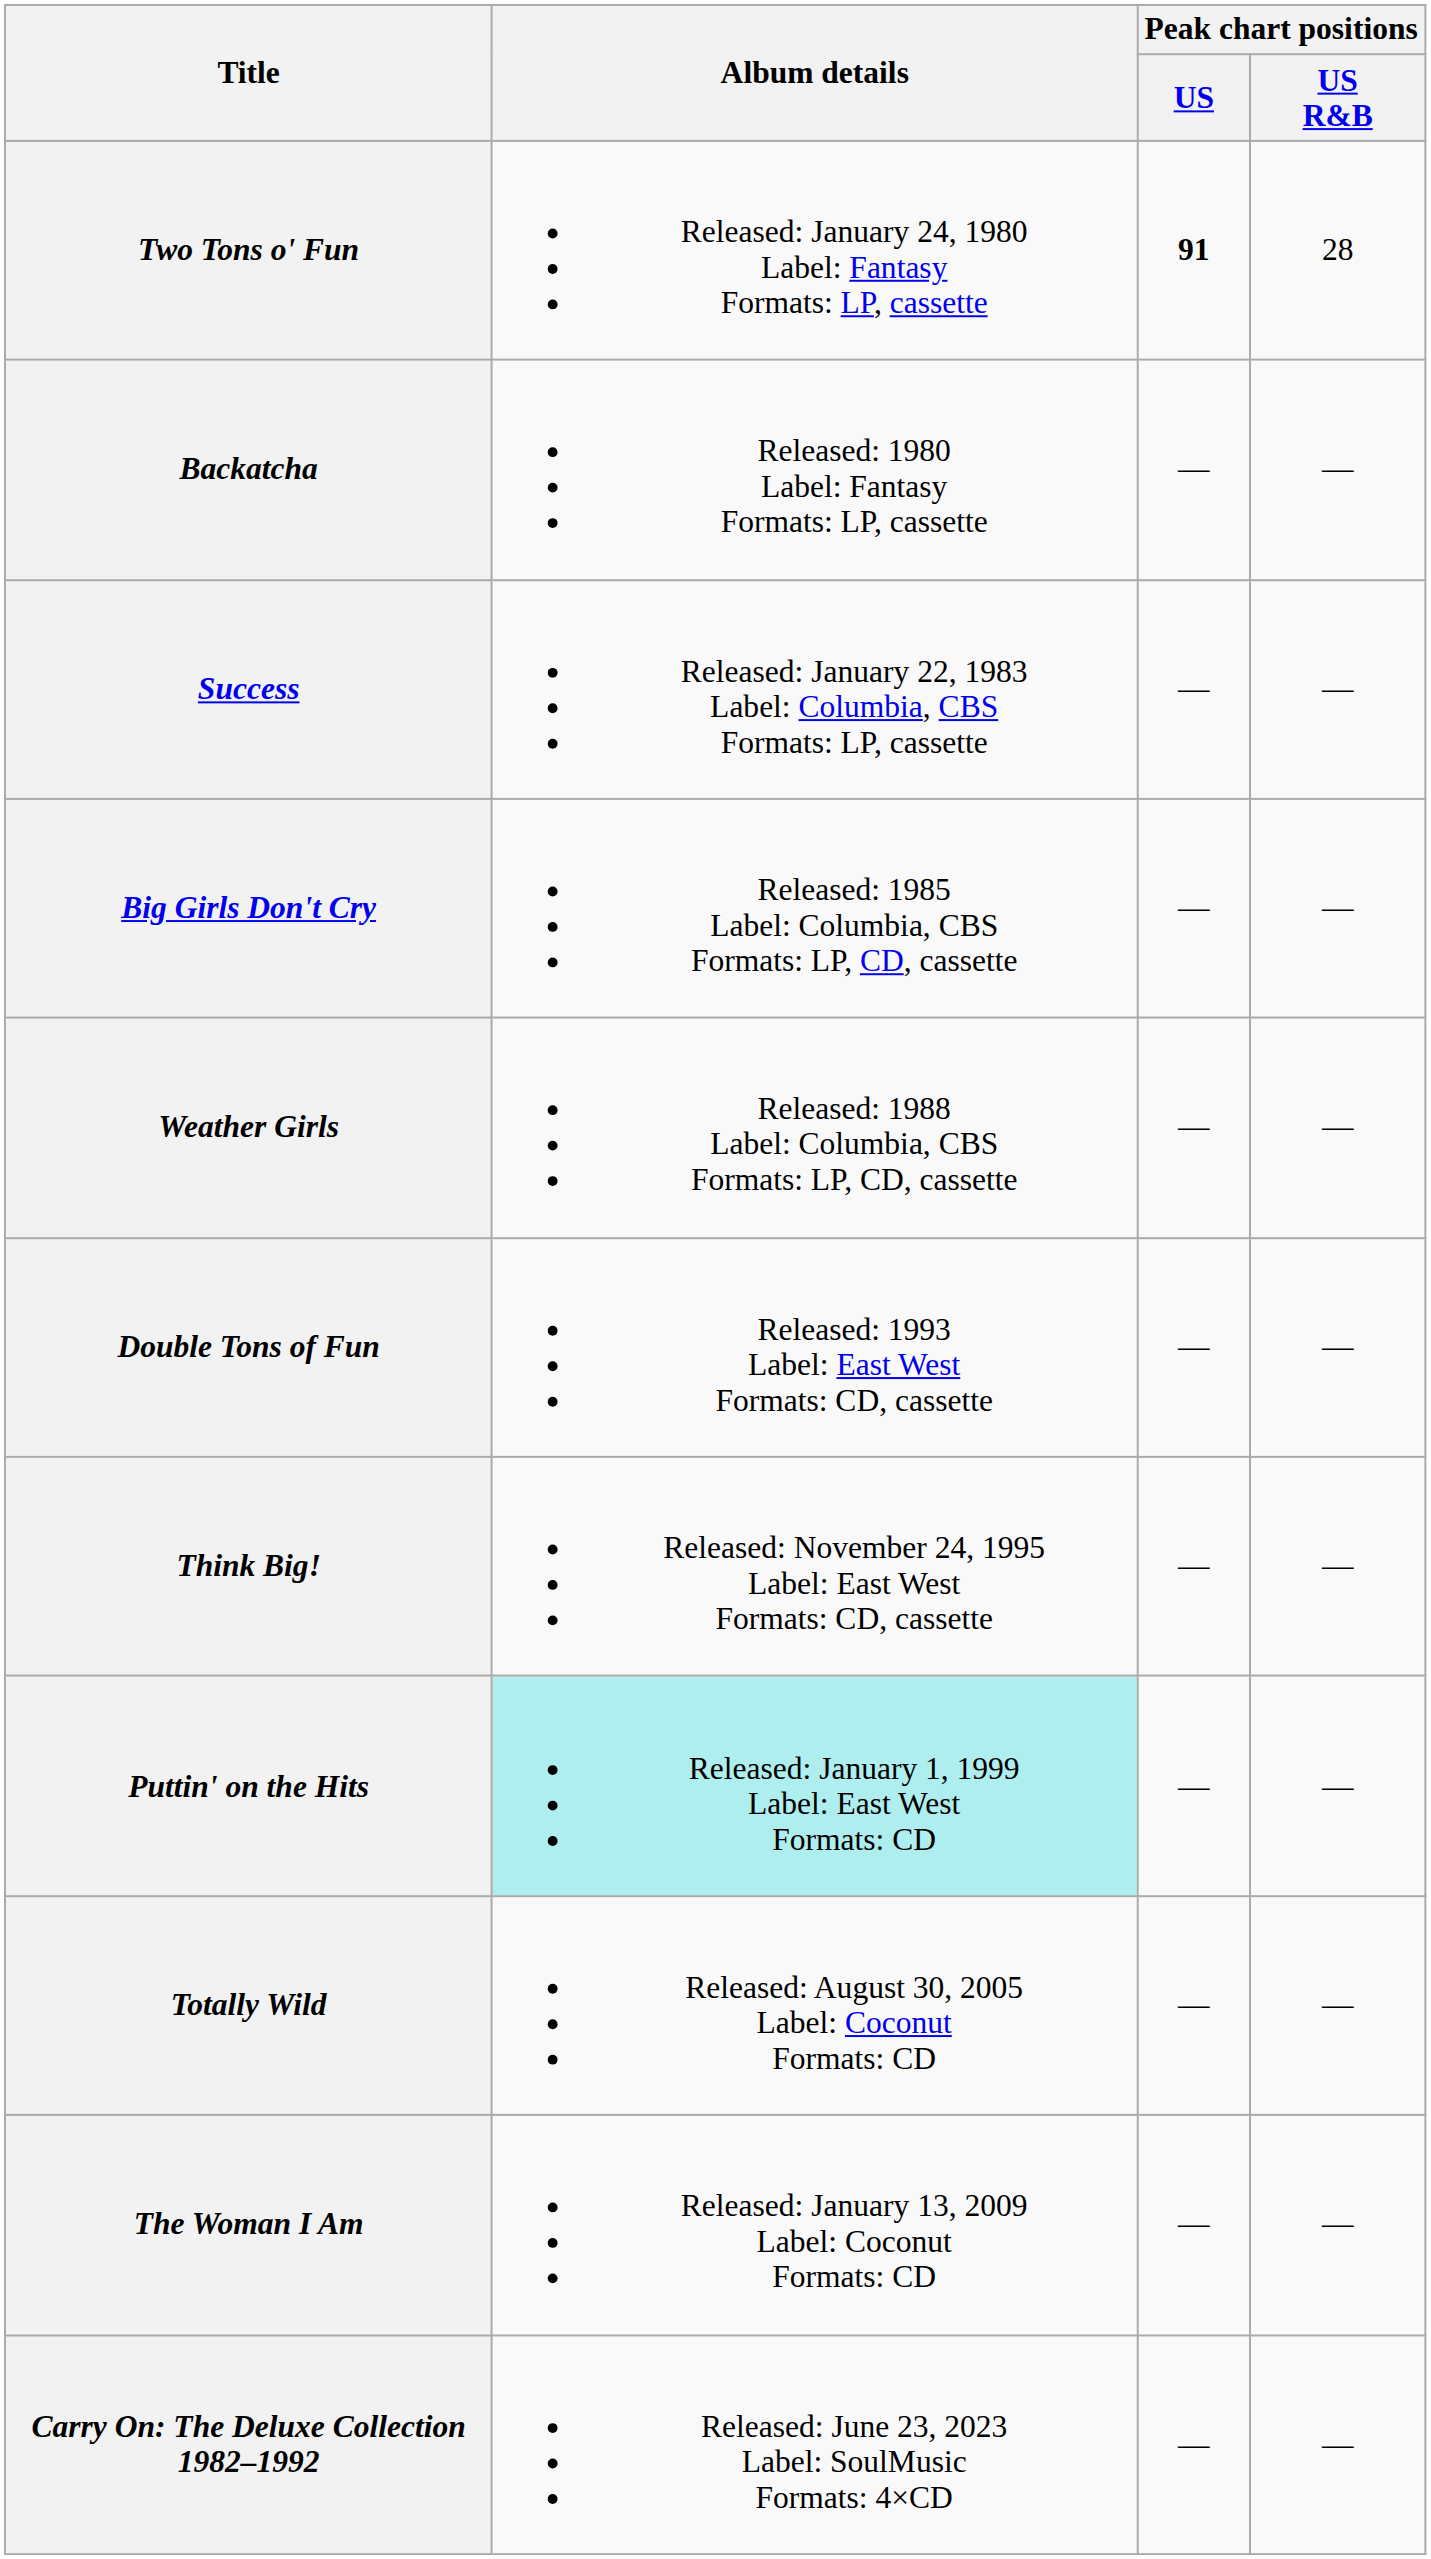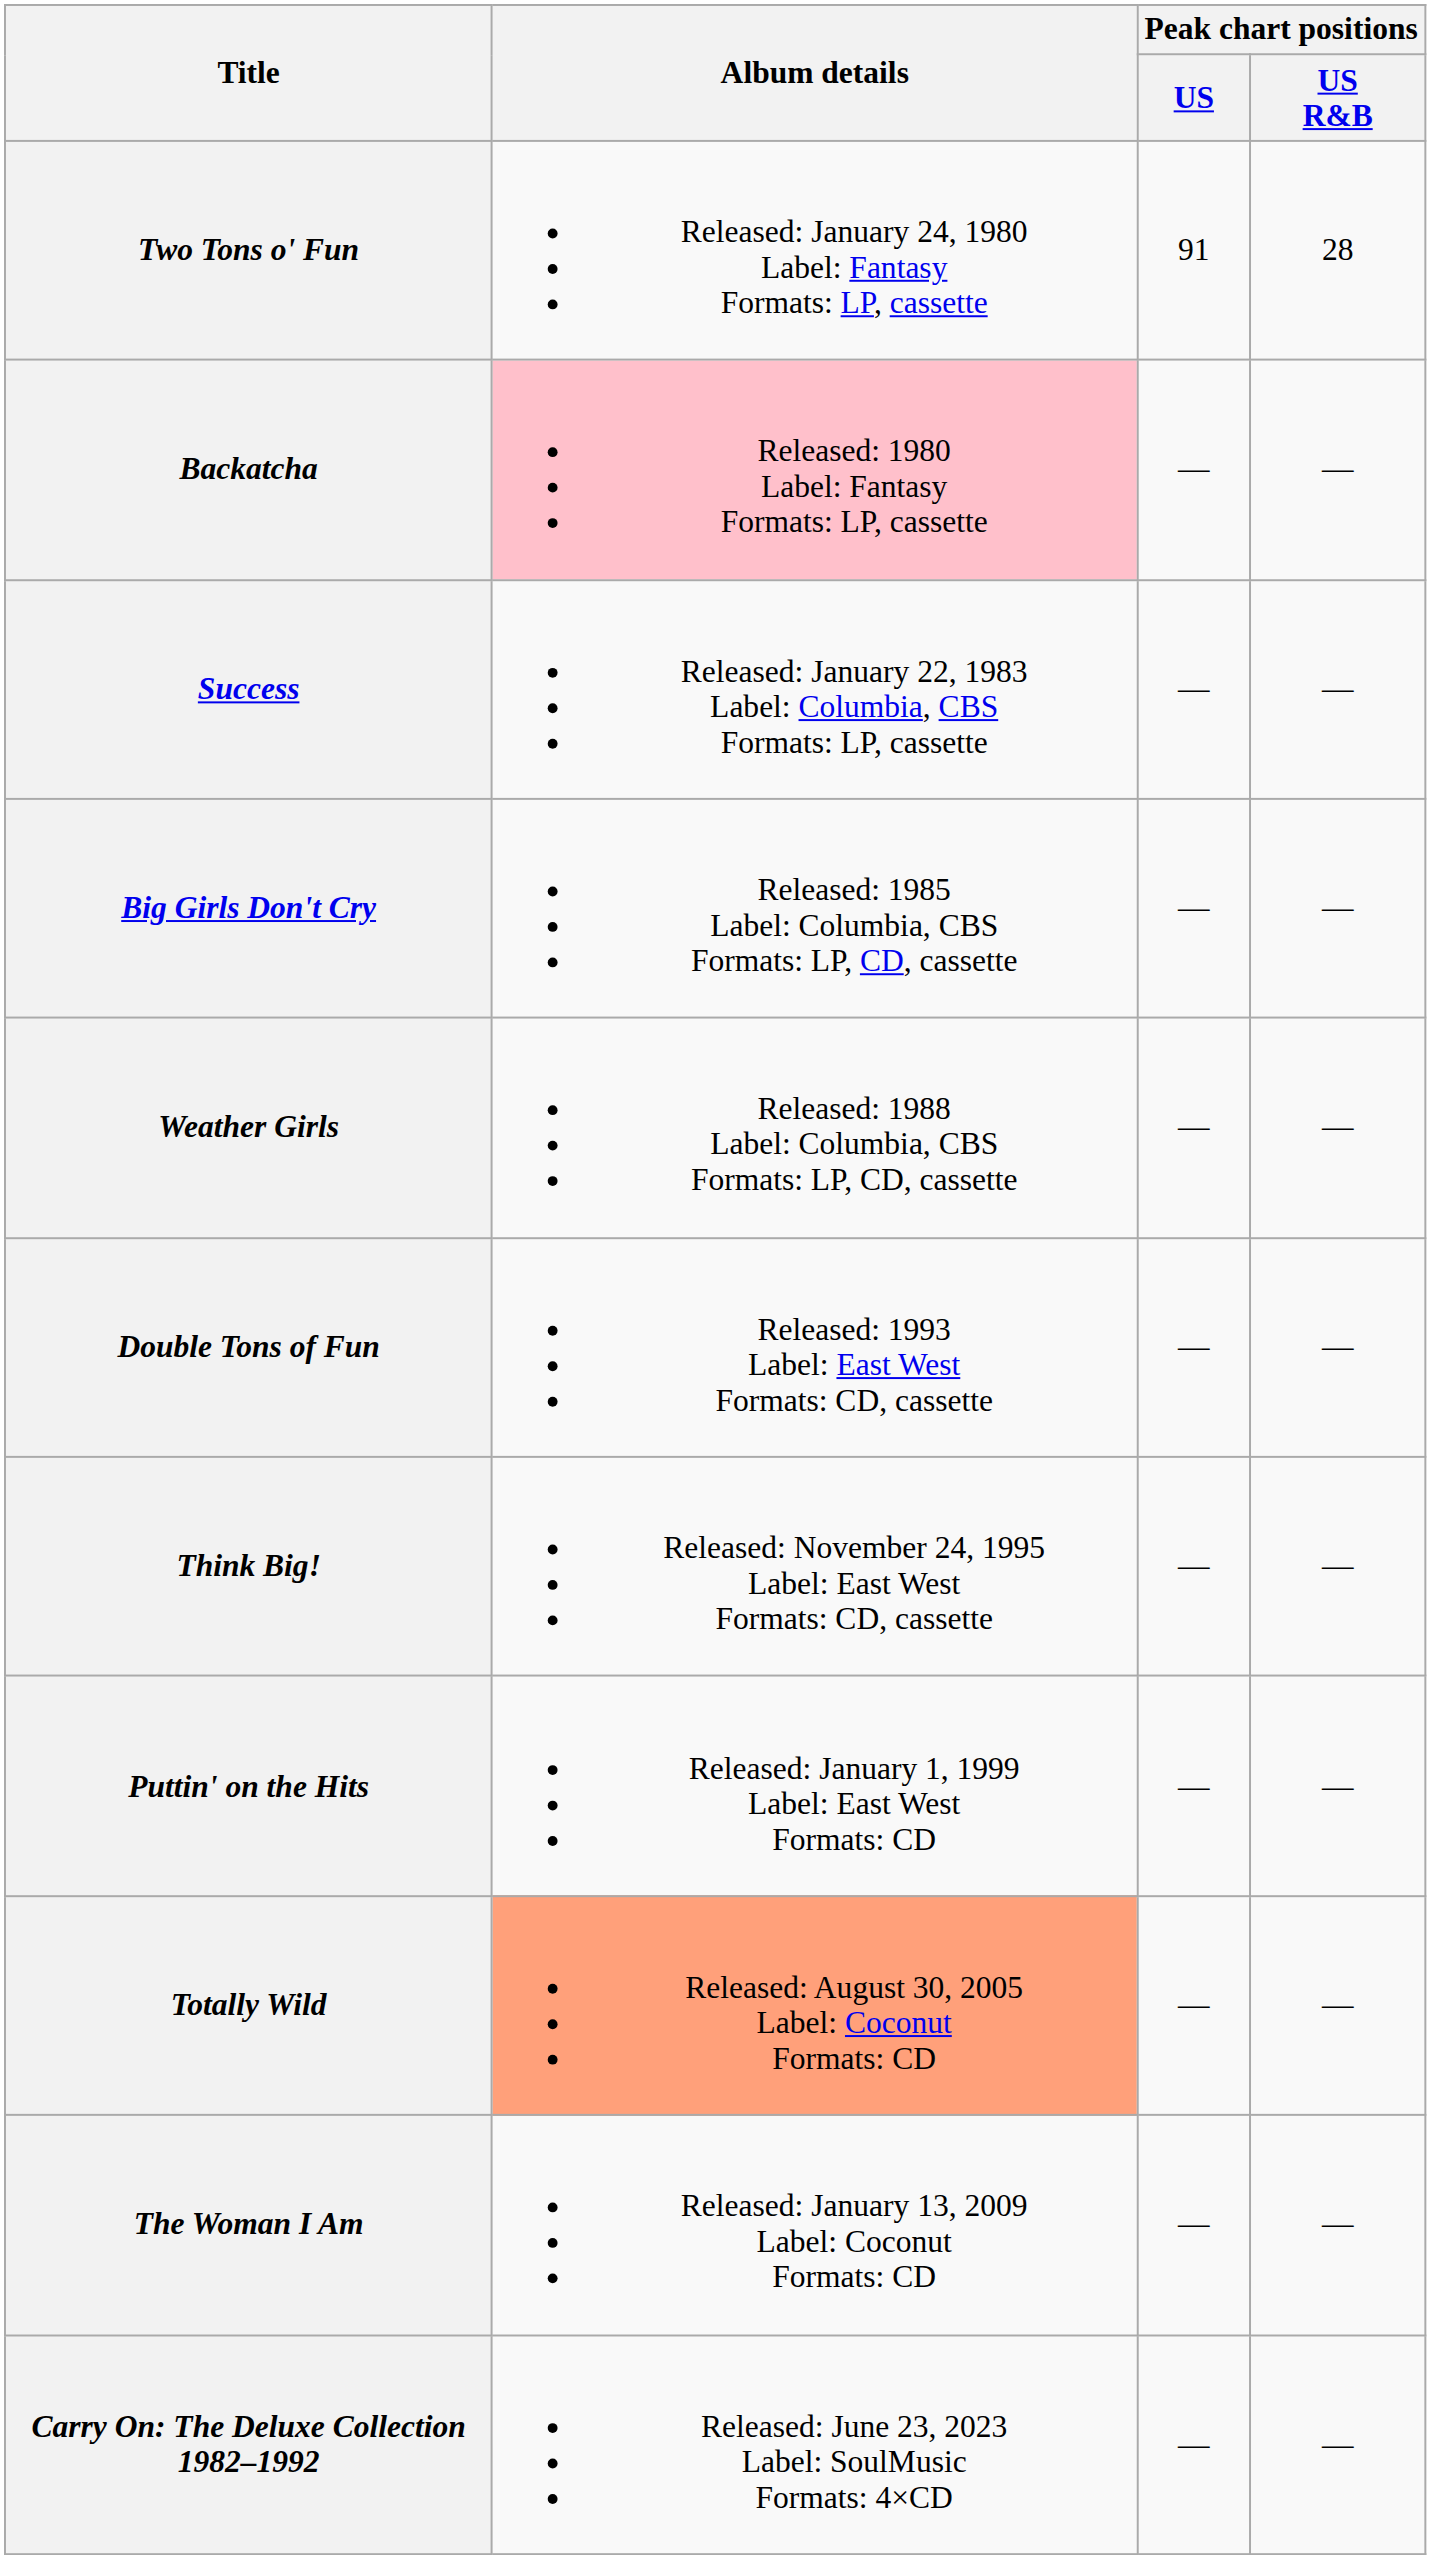 <table class="wikitable plainrowheaders" style="text-align:center;" border="1">
 <tr>
 <th scope="col" rowspan="2" style="width:15em;">Title</th>
 <th scope="col" rowspan="2" style="width:20em;">Album details</th>
 <th scope="col" colspan="3">Peak chart positions</th>
 </tr>
 <tr>
 <th scope="col"><a href='#'>US</a><br></th>
 <th scope="col"><a href='#'>US<br>R&B</a><br></th>
 </tr>
 <tr>
 <th scope="row"><em>Two Tons o' Fun</em></th>
 <td><br><ul><li>Released: January 24, 1980</li><li>Label: <a href='#'>Fantasy</a></li><li>Formats: <a href='#'>LP</a>, <a href='#'>cassette</a></li></ul></td>
-<td><strong>91</strong></td>
+<td>91</td>
 <td>28</td>
 </tr>
 <tr>
 <th scope="row"><em>Backatcha</em></th>
-<td><br><ul><li>Released: 1980</li><li>Label: Fantasy</li><li>Formats: LP, cassette</li></ul></td>
+<td style="background: pink;"><br><ul><li>Released: 1980</li><li>Label: Fantasy</li><li>Formats: LP, cassette</li></ul></td>
 <td>—</td>
 <td>—</td>
 </tr>
 <tr>
 <th scope="row"><em><a href='#'>Success</a></em></th>
 <td><br><ul><li>Released: January 22, 1983</li><li>Label: <a href='#'>Columbia</a>, <a href='#'>CBS</a></li><li>Formats: LP, cassette</li></ul></td>
 <td>—</td>
 <td>—</td>
 </tr>
 <tr>
 <th scope="row"><em><a href='#'>Big Girls Don't Cry</a></em></th>
 <td><br><ul><li>Released: 1985</li><li>Label: Columbia, CBS</li><li>Formats: LP, <a href='#'>CD</a>, cassette</li></ul></td>
 <td>—</td>
 <td>—</td>
 </tr>
 <tr>
 <th scope="row"><em>Weather Girls</em></th>
 <td><br><ul><li>Released: 1988</li><li>Label: Columbia, CBS</li><li>Formats: LP, CD, cassette</li></ul></td>
 <td>—</td>
 <td>—</td>
 </tr>
 <tr>
 <th scope="row"><em>Double Tons of Fun</em></th>
 <td><br><ul><li>Released: 1993</li><li>Label: <a href='#'>East West</a></li><li>Formats: CD, cassette</li></ul></td>
 <td>—</td>
 <td>—</td>
 </tr>
 <tr>
 <th scope="row"><em>Think Big!</em></th>
 <td><br><ul><li>Released: November 24, 1995</li><li>Label: East West</li><li>Formats: CD, cassette</li></ul></td>
 <td>—</td>
 <td>—</td>
 </tr>
 <tr>
 <th scope="row"><em>Puttin' on the Hits</em></th>
-<td style="background: paleturquoise;"><br><ul><li>Released: January 1, 1999</li><li>Label: East West</li><li>Formats: CD</li></ul></td>
+<td><br><ul><li>Released: January 1, 1999</li><li>Label: East West</li><li>Formats: CD</li></ul></td>
 <td>—</td>
 <td>—</td>
 </tr>
 <tr>
 <th scope="row"><em>Totally Wild</em></th>
-<td><br><ul><li>Released: August 30, 2005</li><li>Label: <a href='#'>Coconut</a></li><li>Formats: CD</li></ul></td>
+<td style="background: lightsalmon;"><br><ul><li>Released: August 30, 2005</li><li>Label: <a href='#'>Coconut</a></li><li>Formats: CD</li></ul></td>
 <td>—</td>
 <td>—</td>
 </tr>
 <tr>
 <th scope="row"><em>The Woman I Am</em></th>
 <td><br><ul><li>Released: January 13, 2009</li><li>Label: Coconut</li><li>Formats: CD</li></ul></td>
 <td>—</td>
 <td>—</td>
 </tr>
 <tr>
 <th scope="row"><em>Carry On: The Deluxe Collection 1982–1992</em></th>
 <td><br><ul><li>Released: June 23, 2023</li><li>Label: SoulMusic</li><li>Formats: 4×CD</li></ul></td>
 <td>—</td>
 <td>—</td>
 </tr>
 </table>
